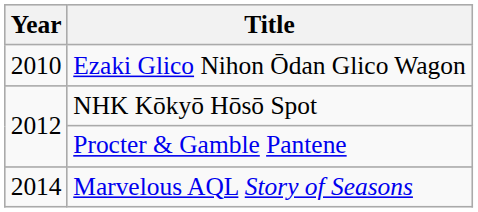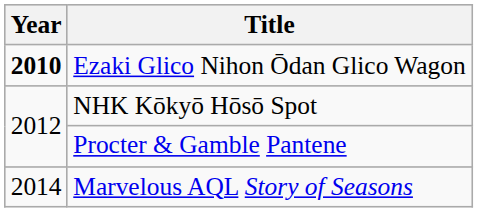 <table class="wikitable">
 <tr>
 <th>Year</th>
 <th>Title</th>
 </tr>
 <tr>
-<td>2010</td>
+<td><strong>2010</strong></td>
 <td><a href='#'>Ezaki Glico</a> Nihon Ōdan Glico Wagon</td>
 </tr>
 <tr>
 <td rowspan="2">2012</td>
 <td>NHK Kōkyō Hōsō Spot</td>
 </tr>
 <tr>
 <td><a href='#'>Procter & Gamble</a> <a href='#'>Pantene</a></td>
 </tr>
 <tr>
 <td>2014</td>
 <td><a href='#'>Marvelous AQL</a> <em><a href='#'>Story of Seasons</a></em></td>
 </tr>
 </table>
